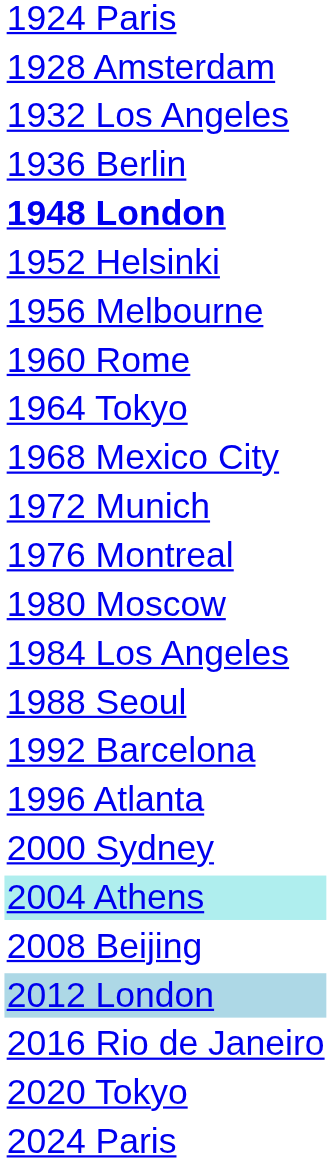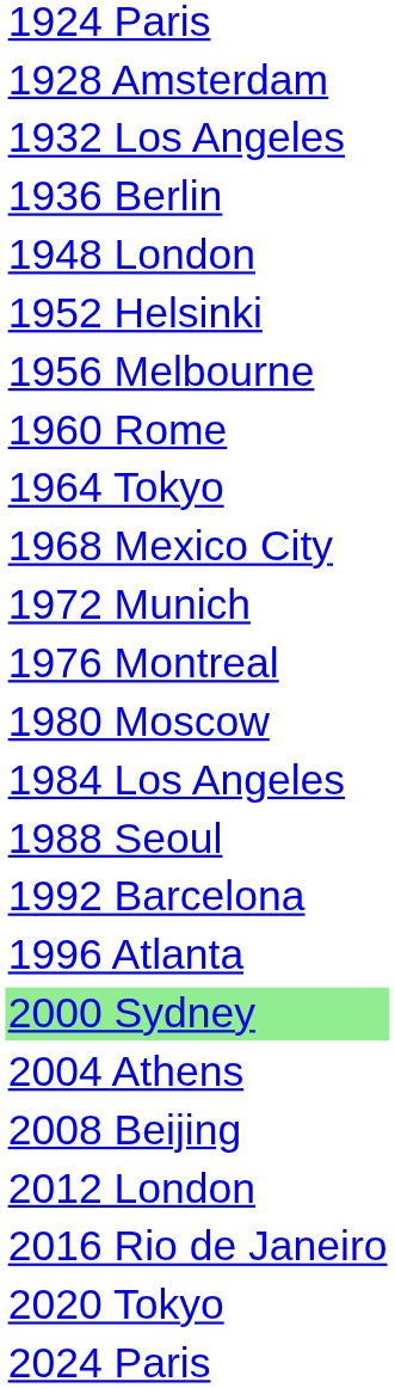 <table>
 <tr>
 <td><a href='#'>1924 Paris</a><br></td>
 <td></td>
 <td></td>
 <td></td>
 </tr>
 <tr>
 <td><a href='#'>1928 Amsterdam</a><br></td>
 <td></td>
 <td></td>
 <td></td>
 </tr>
 <tr>
 <td><a href='#'>1932 Los Angeles</a><br></td>
 <td></td>
 <td></td>
 <td></td>
 </tr>
 <tr>
 <td><a href='#'>1936 Berlin</a><br></td>
 <td></td>
 <td></td>
 <td></td>
 </tr>
 <tr>
-<td><strong><a href='#'>1948 London</a><br></strong></td>
+<td><a href='#'>1948 London</a><br></td>
 <td></td>
 <td></td>
 <td></td>
 </tr>
 <tr>
 <td><a href='#'>1952 Helsinki</a><br></td>
 <td></td>
 <td></td>
 <td></td>
 </tr>
 <tr>
 <td><a href='#'>1956 Melbourne</a><br></td>
 <td></td>
 <td></td>
 <td></td>
 </tr>
 <tr>
 <td><a href='#'>1960 Rome</a><br></td>
 <td></td>
 <td></td>
 <td></td>
 </tr>
 <tr>
 <td><a href='#'>1964 Tokyo</a><br></td>
 <td></td>
 <td></td>
 <td></td>
 </tr>
 <tr>
 <td><a href='#'>1968 Mexico City</a><br></td>
 <td></td>
 <td></td>
 <td></td>
 </tr>
 <tr>
 <td><a href='#'>1972 Munich</a><br></td>
 <td></td>
 <td></td>
 <td></td>
 </tr>
 <tr>
 <td><a href='#'>1976 Montreal</a><br></td>
 <td></td>
 <td></td>
 <td></td>
 </tr>
 <tr>
 <td><a href='#'>1980 Moscow</a><br></td>
 <td></td>
 <td></td>
 <td></td>
 </tr>
 <tr>
 <td><a href='#'>1984 Los Angeles</a><br></td>
 <td></td>
 <td></td>
 <td></td>
 </tr>
 <tr>
 <td><a href='#'>1988 Seoul</a><br></td>
 <td></td>
 <td></td>
 <td></td>
 </tr>
 <tr>
 <td><a href='#'>1992 Barcelona</a><br></td>
 <td></td>
 <td></td>
 <td></td>
 </tr>
 <tr>
 <td><a href='#'>1996 Atlanta</a><br></td>
 <td></td>
 <td></td>
 <td></td>
 </tr>
 <tr>
-<td><a href='#'>2000 Sydney</a><br></td>
+<td style="background: lightgreen;"><a href='#'>2000 Sydney</a><br></td>
 <td></td>
 <td></td>
 <td></td>
 </tr>
 <tr>
-<td style="background: paleturquoise;"><a href='#'>2004 Athens</a><br></td>
+<td><a href='#'>2004 Athens</a><br></td>
 <td></td>
 <td></td>
 <td></td>
 </tr>
 <tr>
 <td><a href='#'>2008 Beijing</a><br></td>
 <td></td>
 <td></td>
 <td></td>
 </tr>
 <tr>
-<td style="background: lightblue;"><a href='#'>2012 London</a><br></td>
+<td><a href='#'>2012 London</a><br></td>
 <td></td>
 <td></td>
 <td></td>
 </tr>
 <tr>
 <td><a href='#'>2016 Rio de Janeiro</a><br></td>
 <td></td>
 <td></td>
 <td></td>
 </tr>
 <tr>
 <td><a href='#'>2020 Tokyo</a><br></td>
 <td></td>
 <td></td>
 <td></td>
 </tr>
 <tr>
 <td><a href='#'>2024 Paris</a><br></td>
 <td></td>
 <td></td>
 <td></td>
 </tr>
 <tr>
 </tr>
 </table>
